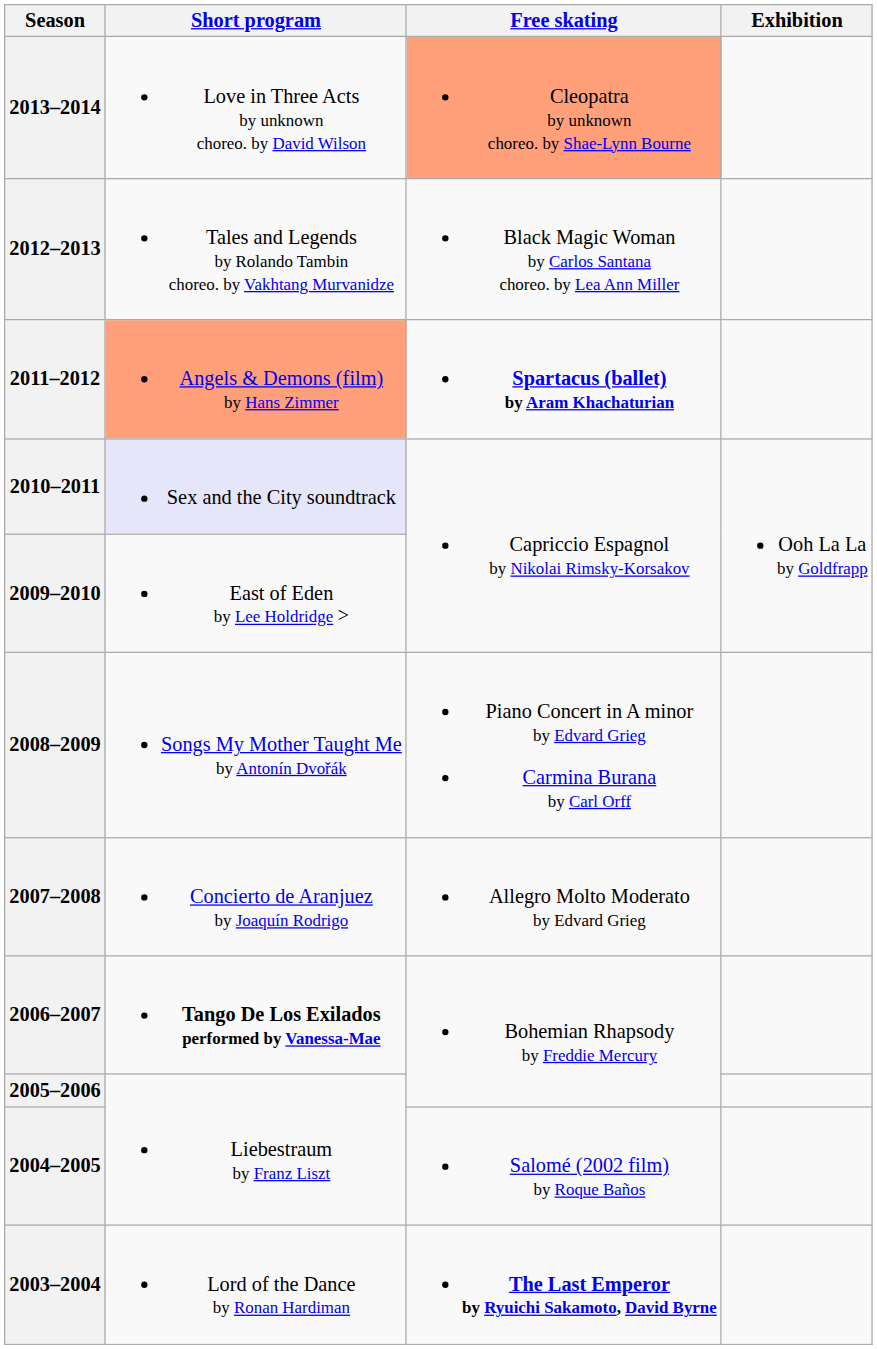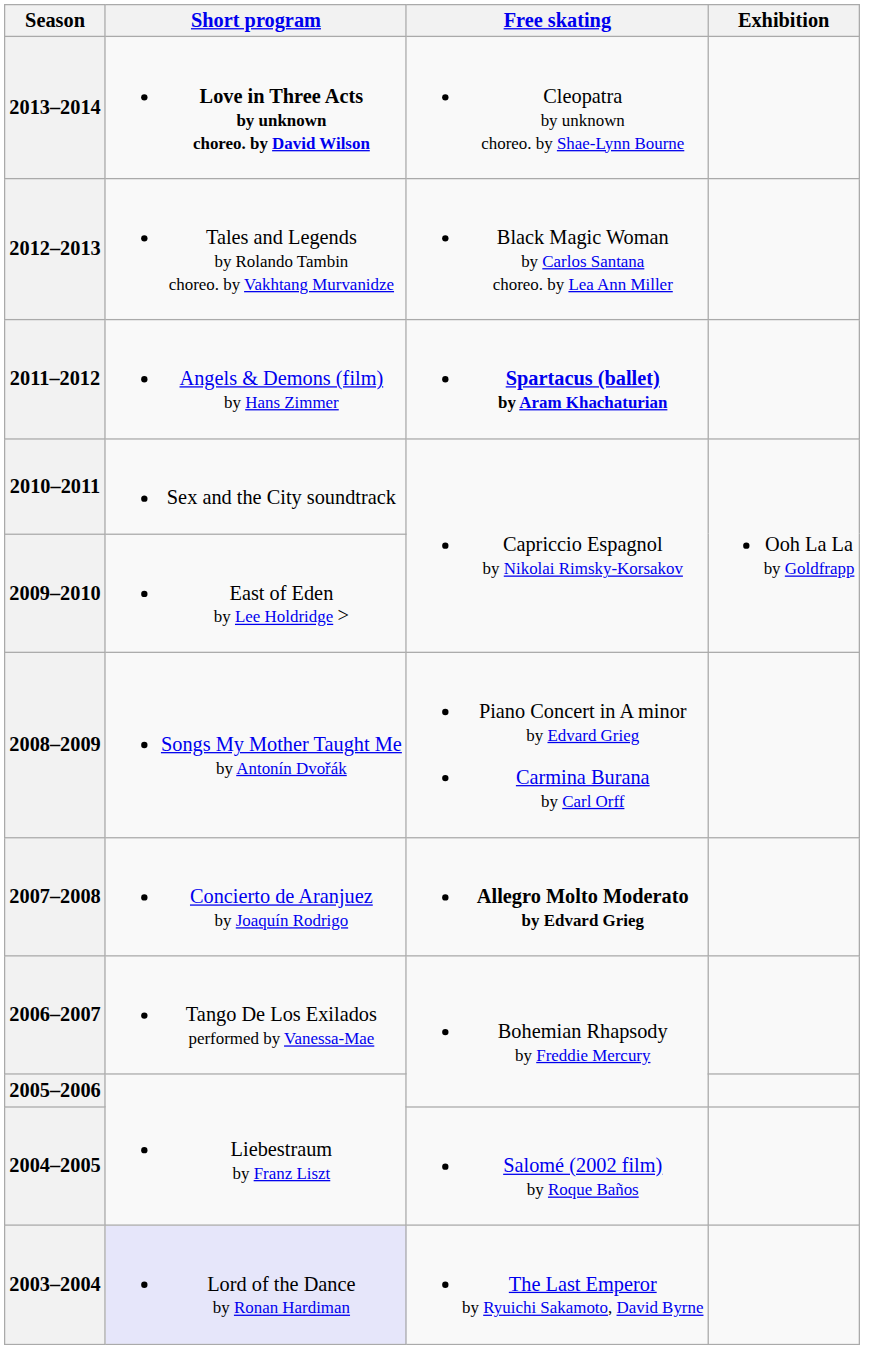 <table class="wikitable" style="text-align:center">
 <tr>
 <th>Season</th>
 <th><a href='#'>Short program</a></th>
 <th><a href='#'>Free skating</a></th>
 <th>Exhibition</th>
 </tr>
 <tr>
 <th>2013–2014 <br></th>
-<td><br><ul><li>Love in Three Acts <br><small> by unknown <br> choreo. by <a href='#'>David Wilson</a> </small></li></ul></td>
-<td style="background: lightsalmon;"><br><ul><li>Cleopatra <br><small> by unknown <br> choreo. by <a href='#'>Shae-Lynn Bourne</a> </small></li></ul></td>
+<td><strong><br><ul><li>Love in Three Acts <br><small> by unknown <br> choreo. by <a href='#'>David Wilson</a> </small></li></ul></strong></td>
+<td><br><ul><li>Cleopatra <br><small> by unknown <br> choreo. by <a href='#'>Shae-Lynn Bourne</a> </small></li></ul></td>
 <td></td>
 </tr>
 <tr>
 <th>2012–2013 <br></th>
 <td><br><ul><li>Tales and Legends <br><small> by Rolando Tambin <br> choreo. by <a href='#'>Vakhtang Murvanidze</a> </small></li></ul></td>
 <td><br><ul><li>Black Magic Woman <br><small> by <a href='#'>Carlos Santana</a> <br> choreo. by <a href='#'>Lea Ann Miller</a> </small></li></ul></td>
 <td></td>
 </tr>
 <tr>
 <th>2011–2012 <br></th>
-<td style="background: lightsalmon;"><br><ul><li><a href='#'>Angels & Demons (film)</a> <br><small> by <a href='#'>Hans Zimmer</a> </small></li></ul></td>
+<td><br><ul><li><a href='#'>Angels & Demons (film)</a> <br><small> by <a href='#'>Hans Zimmer</a> </small></li></ul></td>
 <td><strong><br><ul><li><a href='#'>Spartacus (ballet)</a> <br><small> by <a href='#'>Aram Khachaturian</a> </small></li></ul></strong></td>
 <td></td>
 </tr>
 <tr>
 <th>2010–2011 <br></th>
-<td style="background: lavender;"><br><ul><li>Sex and the City soundtrack</li></ul></td>
+<td><br><ul><li>Sex and the City soundtrack</li></ul></td>
 <td rowspan=2><br><ul><li>Capriccio Espagnol <br><small> by <a href='#'>Nikolai Rimsky-Korsakov</a> </small></li></ul></td>
 <td rowspan=2><br><ul><li>Ooh La La <br><small> by <a href='#'>Goldfrapp</a> </small></li></ul></td>
 </tr>
 <tr>
 <th>2009–2010 <br></th>
 <td><br><ul><li>East of Eden <br><small> by <a href='#'>Lee Holdridge</a> </small>></li></ul></td>
 </tr>
 <tr>
 <th>2008–2009 <br></th>
 <td><br><ul><li><a href='#'>Songs My Mother Taught Me</a> <br><small> by <a href='#'>Antonín Dvořák</a> </small></li></ul></td>
 <td><br><ul><li>Piano Concert in A minor <br><small> by <a href='#'>Edvard Grieg</a> </small></li></ul><ul><li><a href='#'>Carmina Burana</a> <br><small> by <a href='#'>Carl Orff</a> </small></li></ul></td>
 <td></td>
 </tr>
 <tr>
 <th>2007–2008 <br></th>
 <td><br><ul><li><a href='#'>Concierto de Aranjuez</a> <br><small> by <a href='#'>Joaquín Rodrigo</a> </small></li></ul></td>
-<td><br><ul><li>Allegro Molto Moderato <br><small> by Edvard Grieg </small></li></ul></td>
+<td><strong><br><ul><li>Allegro Molto Moderato <br><small> by Edvard Grieg </small></li></ul></strong></td>
 <td></td>
 </tr>
 <tr>
 <th>2006–2007 <br></th>
-<td><strong><br><ul><li>Tango De Los Exilados <br><small> performed by <a href='#'>Vanessa-Mae</a> </small></li></ul></strong></td>
+<td><br><ul><li>Tango De Los Exilados <br><small> performed by <a href='#'>Vanessa-Mae</a> </small></li></ul></td>
 <td rowspan=2><br><ul><li>Bohemian Rhapsody <br><small> by <a href='#'>Freddie Mercury</a> </small></li></ul></td>
 <td></td>
 </tr>
 <tr>
 <th>2005–2006 <br></th>
 <td rowspan=2><br><ul><li>Liebestraum <br><small> by <a href='#'>Franz Liszt</a> </small></li></ul></td>
 <td></td>
 </tr>
 <tr>
 <th>2004–2005 <br></th>
 <td><br><ul><li><a href='#'>Salomé (2002 film)</a> <br><small> by <a href='#'>Roque Baños</a> </small></li></ul></td>
 <td></td>
 </tr>
 <tr>
 <th>2003–2004 <br></th>
-<td><br><ul><li>Lord of the Dance <br><small> by <a href='#'>Ronan Hardiman</a></small></li></ul></td>
-<td><strong><br><ul><li><a href='#'>The Last Emperor</a> <br><small> by <a href='#'>Ryuichi Sakamoto</a>, <a href='#'>David Byrne</a></small></li></ul></strong></td>
+<td style="background: lavender;"><br><ul><li>Lord of the Dance <br><small> by <a href='#'>Ronan Hardiman</a></small></li></ul></td>
+<td><br><ul><li><a href='#'>The Last Emperor</a> <br><small> by <a href='#'>Ryuichi Sakamoto</a>, <a href='#'>David Byrne</a></small></li></ul></td>
 <td></td>
 </tr>
 </table>
